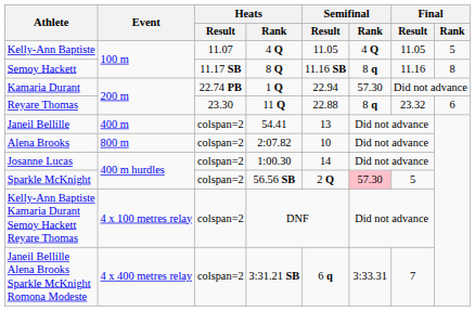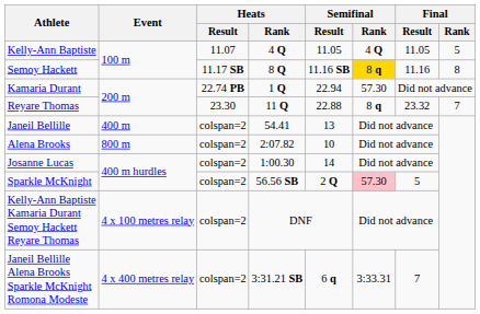 <table class=wikitable style="font-size:90%">
 <tr>
 <th rowspan="2">Athlete</th>
 <th rowspan="2">Event</th>
 <th colspan="2">Heats</th>
 <th colspan="2">Semifinal</th>
 <th colspan="2">Final</th>
 </tr>
 <tr style="font-size:95%">
 <th>Result</th>
 <th>Rank</th>
 <th>Result</th>
 <th>Rank</th>
 <th>Result</th>
 <th>Rank</th>
 </tr>
 <tr align=center>
 <td align=left><a href='#'>Kelly-Ann Baptiste</a></td>
 <td align=left rowspan="2"><a href='#'>100 m</a></td>
 <td>11.07</td>
 <td>4 <strong>Q</strong></td>
 <td>11.05</td>
 <td>4 <strong>Q</strong></td>
 <td>11.05</td>
 <td>5</td>
 </tr>
 <tr align=center>
 <td align=left><a href='#'>Semoy Hackett</a></td>
 <td>11.17 <strong>SB</strong></td>
 <td>8 <strong>Q</strong></td>
 <td>11.16	<strong>SB</strong></td>
-<td>8 <strong>q</strong></td>
+<td style="background: gold;">8 <strong>q</strong></td>
 <td>11.16</td>
 <td>8</td>
 </tr>
 <tr align=center>
 <td align=left><a href='#'>Kamaria Durant</a></td>
 <td align=left rowspan="2"><a href='#'>200 m</a></td>
 <td>22.74	<strong>PB</strong></td>
 <td>1 <strong>Q</strong></td>
 <td>22.94</td>
 <td>57.30</td>
 <td colspan=2>Did not advance</td>
 </tr>
 <tr align=center>
 <td align=left><a href='#'>Reyare Thomas</a></td>
 <td>23.30</td>
 <td>11 <strong>Q</strong></td>
 <td>22.88</td>
 <td>8 <strong>q</strong></td>
 <td>23.32</td>
-<td>6</td>
+<td>7</td>
 </tr>
 <tr align=center>
 <td align=left><a href='#'>Janeil Bellille</a></td>
 <td align=left><a href='#'>400 m</a></td>
 <td>colspan=2 </td>
 <td>54.41</td>
 <td>13</td>
 <td colspan=2>Did not advance</td>
 </tr>
 <tr align=center>
 <td align=left><a href='#'>Alena Brooks</a></td>
 <td align=left><a href='#'>800 m</a></td>
 <td>colspan=2 </td>
 <td>2:07.82</td>
 <td>10</td>
 <td colspan=2>Did not advance</td>
 </tr>
 <tr align=center>
 <td align=left><a href='#'>Josanne Lucas</a></td>
 <td align=left rowspan="2"><a href='#'>400 m hurdles</a></td>
 <td>colspan=2 </td>
 <td>1:00.30</td>
 <td>14</td>
 <td colspan=2>Did not advance</td>
 </tr>
 <tr align=center>
 <td align=left><a href='#'>Sparkle McKnight</a></td>
 <td>colspan=2 </td>
 <td>56.56 <strong>SB</strong></td>
 <td>2 <strong>Q</strong></td>
 <td style="background: pink;">57.30</td>
 <td>5</td>
 </tr>
 <tr align=center>
 <td align=left><a href='#'>Kelly-Ann Baptiste</a><br><a href='#'>Kamaria Durant</a><br><a href='#'>Semoy Hackett</a><br><a href='#'>Reyare Thomas</a></td>
 <td align=left><a href='#'>4 x 100 metres relay</a></td>
 <td>colspan=2 </td>
 <td colspan=2>DNF</td>
 <td colspan=2>Did not advance</td>
 </tr>
 <tr align=center>
 <td align=left><a href='#'>Janeil Bellille</a><br><a href='#'>Alena Brooks</a><br><a href='#'>Sparkle McKnight</a><br><a href='#'>Romona Modeste</a></td>
 <td align=left><a href='#'>4 x 400 metres relay</a></td>
 <td>colspan=2 </td>
 <td>3:31.21 <strong>SB</strong></td>
 <td>6 <strong>q</strong></td>
 <td>3:33.31</td>
 <td>7</td>
 </tr>
 </table>
